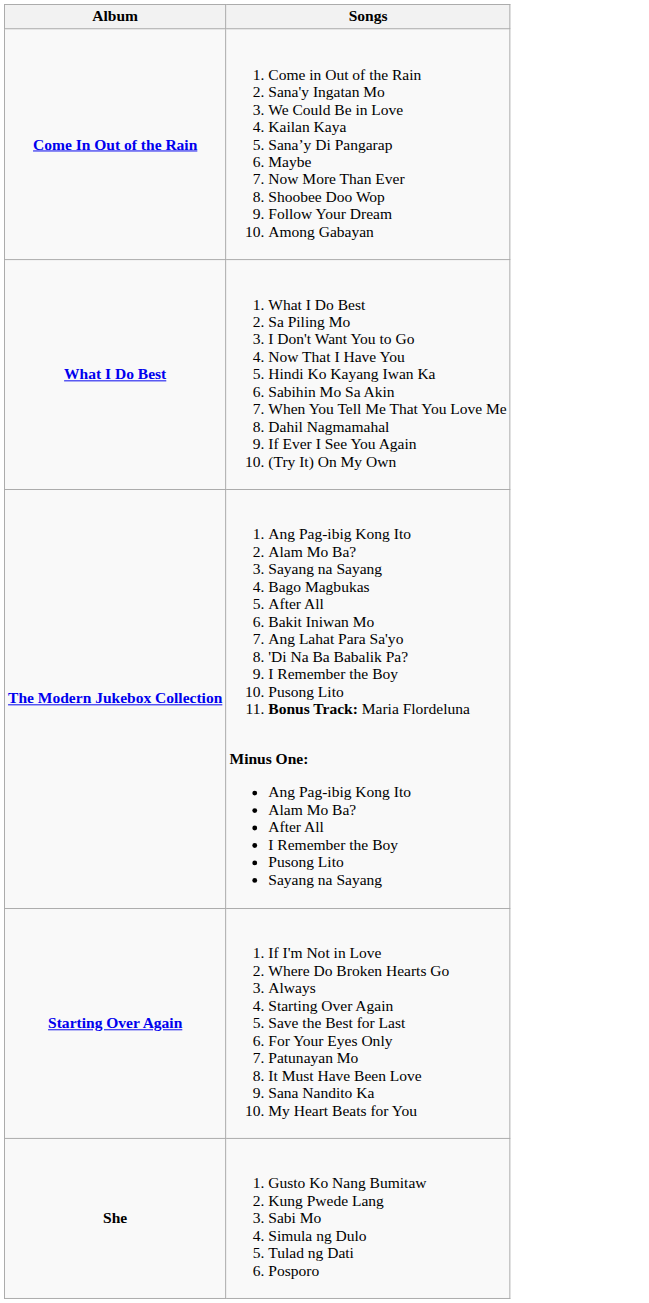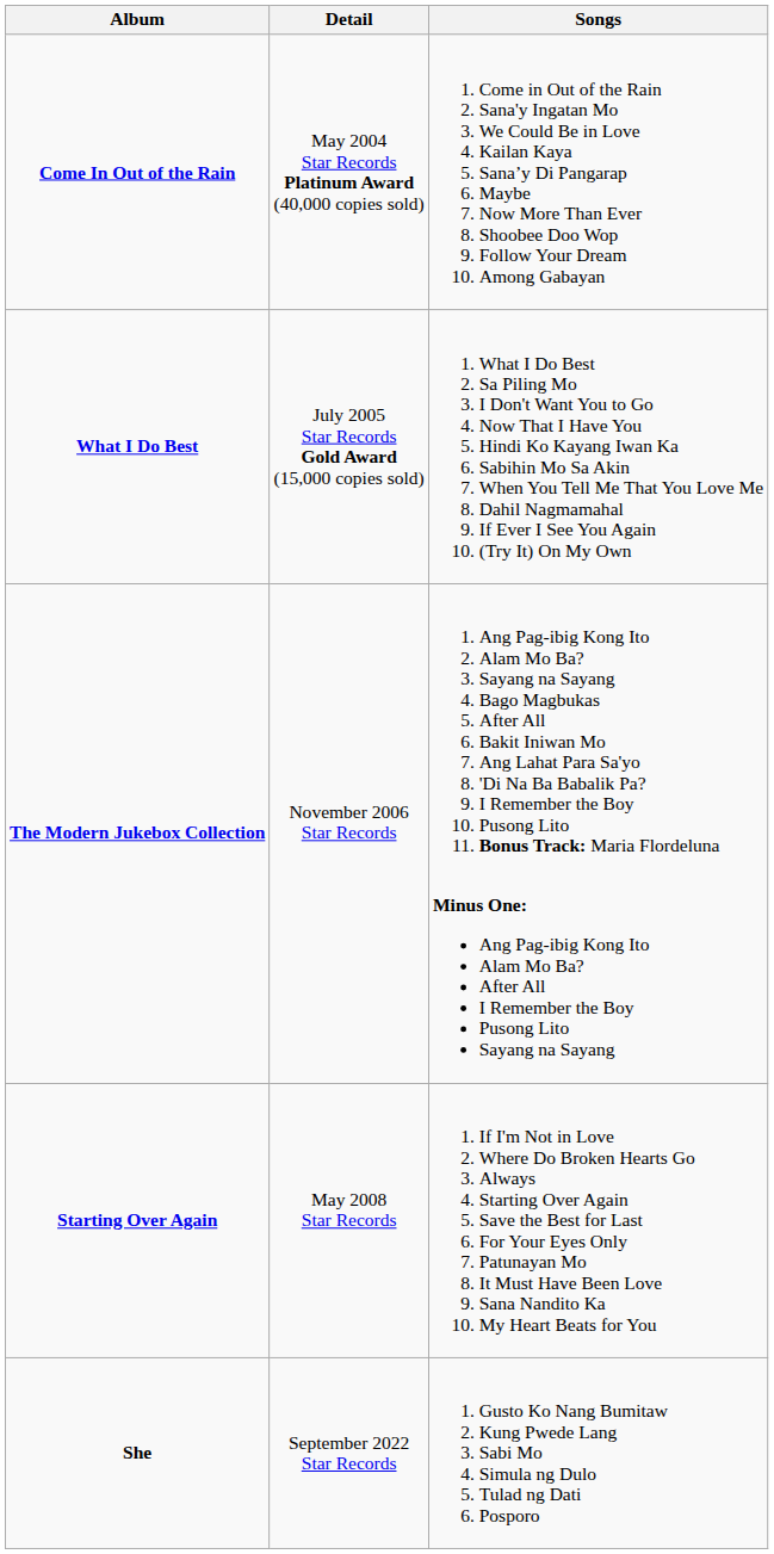 <table class="wikitable">
 <tr>
 <th align="left">Album</th>
+<th align="left">Detail</th>
 <th align="left">Songs</th>
 </tr>
 <tr>
 <td align="center"><strong><a href='#'>Come In Out of the Rain</a></strong></td>
+<td align="center">May 2004<br><a href='#'>Star Records</a> <br><strong>Platinum Award</strong> <br>(40,000 copies sold)</td>
 <td align="left"><br><ol><li>Come in Out of the Rain</li><li>Sana'y Ingatan Mo</li><li>We Could Be in Love</li><li>Kailan Kaya</li><li>Sana’y Di Pangarap</li><li>Maybe</li><li>Now More Than Ever</li><li>Shoobee Doo Wop</li><li>Follow Your Dream</li><li>Among Gabayan</li></ol></td>
 </tr>
 <tr>
 <td align="center"><strong><a href='#'>What I Do Best</a></strong></td>
+<td align="center">July 2005<br><a href='#'>Star Records</a> <br><strong>Gold Award</strong> <br>(15,000 copies sold)</td>
 <td align="left"><br><ol><li>What I Do Best</li><li>Sa Piling Mo</li><li>I Don't Want You to Go</li><li>Now That I Have You</li><li>Hindi Ko Kayang Iwan Ka</li><li>Sabihin Mo Sa Akin</li><li>When You Tell Me That You Love Me</li><li>Dahil Nagmamahal</li><li>If Ever I See You Again</li><li>(Try It) On My Own</li></ol></td>
 </tr>
 <tr>
 <td align="center"><strong><a href='#'>The Modern Jukebox Collection</a></strong></td>
+<td align="center">November 2006<br><a href='#'>Star Records</a> <br> <br></td>
 <td align="left"><br><ol><li>Ang Pag-ibig Kong Ito</li><li>Alam Mo Ba?</li><li>Sayang na Sayang</li><li>Bago Magbukas</li><li>After All</li><li>Bakit Iniwan Mo</li><li>Ang Lahat Para Sa'yo</li><li>'Di Na Ba Babalik Pa?</li><li>I Remember the Boy</li><li>Pusong Lito</li><li><strong>Bonus Track:</strong> Maria Flordeluna</li></ol><br> <strong>Minus One:</strong><ul><li>Ang Pag-ibig Kong Ito</li><li>Alam Mo Ba?</li><li>After All</li><li>I Remember the Boy</li><li>Pusong Lito</li><li>Sayang na Sayang</li></ul></td>
 </tr>
 <tr>
 <td align="center"><strong><a href='#'>Starting Over Again</a></strong></td>
+<td align="center">May 2008<br><a href='#'>Star Records</a> <br> <br></td>
 <td align="left"><br><ol><li>If I'm Not in Love</li><li>Where Do Broken Hearts Go</li><li>Always</li><li>Starting Over Again</li><li>Save the Best for Last</li><li>For Your Eyes Only</li><li>Patunayan Mo</li><li>It Must Have Been Love</li><li>Sana Nandito Ka</li><li>My Heart Beats for You</li></ol></td>
 </tr>
 <tr>
 <td align="center"><strong>She</strong></td>
+<td align="center">September 2022<br><a href='#'>Star Records</a></td>
 <td align="left"><br><ol><li>Gusto Ko Nang Bumitaw</li><li>Kung Pwede Lang</li><li>Sabi Mo</li><li>Simula ng Dulo</li><li>Tulad ng Dati</li><li>Posporo</li></ol></td>
 </tr>
 </table>
